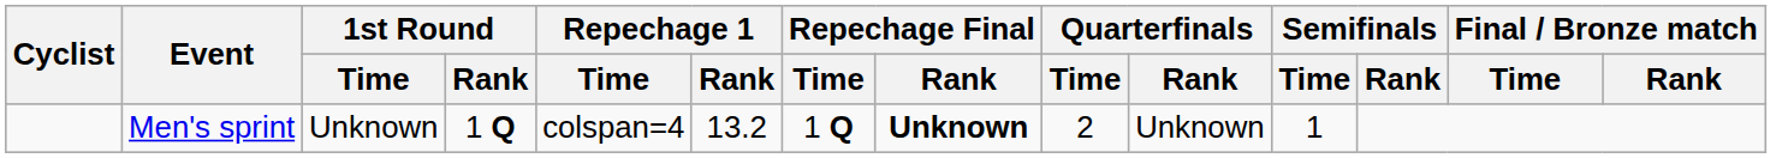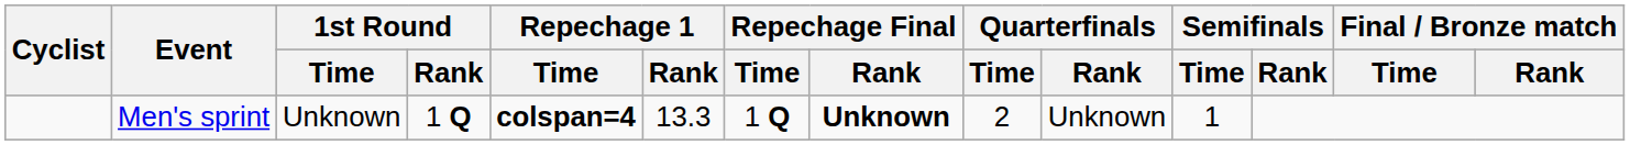 <table class="wikitable sortable" style=text-align:center>
 <tr>
 <th rowspan=2>Cyclist</th>
 <th rowspan=2>Event</th>
 <th colspan=2>1st Round</th>
 <th colspan=2>Repechage 1</th>
 <th colspan=2>Repechage Final</th>
 <th colspan=2>Quarterfinals</th>
 <th colspan=2>Semifinals</th>
 <th colspan=2>Final / Bronze match</th>
 </tr>
 <tr>
 <th>Time</th>
 <th>Rank</th>
 <th>Time</th>
 <th>Rank</th>
 <th>Time</th>
 <th>Rank</th>
 <th>Time</th>
 <th>Rank</th>
 <th>Time</th>
 <th>Rank</th>
 <th>Time</th>
 <th>Rank</th>
 </tr>
 <tr>
 <td align=left><strong></strong></td>
 <td align=left><a href='#'>Men's sprint</a></td>
 <td>Unknown</td>
 <td>1 <strong>Q</strong></td>
-<td>colspan=4 </td>
-<td>13.2</td>
+<td><strong>colspan=4 </strong></td>
+<td>13.3</td>
 <td>1 <strong>Q</strong></td>
 <td><strong>Unknown</strong></td>
 <td>2</td>
 <td>Unknown</td>
 <td>1 </td>
 </tr>
 </table>
